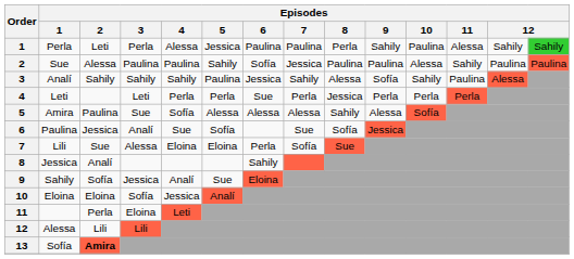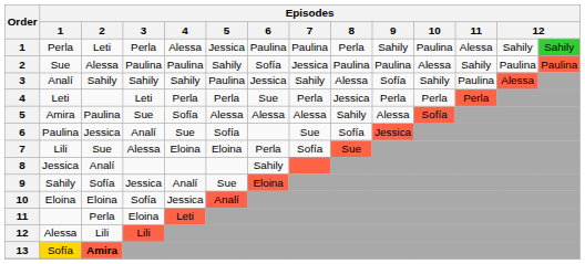 <table class="wikitable" style="text-align:center; font-size:92%">
 <tr>
 <th rowspan=2>Order</th>
 <th colspan=13>Episodes</th>
 </tr>
 <tr>
 <th>1</th>
 <th>2</th>
 <th>3</th>
 <th>4</th>
 <th>5</th>
 <th>6</th>
 <th>7</th>
 <th>8</th>
 <th>9</th>
 <th>10</th>
 <th>11</th>
 <th colspan=2>12</th>
 </tr>
 <tr>
 <th>1</th>
 <td>Perla</td>
 <td>Leti</td>
 <td>Perla</td>
 <td>Alessa</td>
 <td>Jessica</td>
 <td>Paulina</td>
 <td>Paulina</td>
 <td>Perla</td>
 <td>Sahily</td>
 <td>Paulina</td>
 <td>Alessa</td>
 <td>Sahily</td>
 <td bgcolor="limegreen">Sahily</td>
 </tr>
 <tr>
 <th>2</th>
 <td>Sue</td>
 <td>Alessa</td>
 <td>Paulina</td>
 <td>Paulina</td>
 <td>Sahily</td>
 <td>Sofía</td>
 <td>Jessica</td>
 <td>Paulina</td>
 <td>Paulina</td>
 <td>Alessa</td>
 <td>Sahily</td>
 <td>Paulina</td>
 <td bgcolor="tomato">Paulina</td>
 </tr>
 <tr>
 <th>3</th>
 <td>Analí</td>
 <td>Sahily</td>
 <td>Sahily</td>
 <td>Sahily</td>
 <td>Paulina</td>
 <td>Jessica</td>
 <td>Sahily</td>
 <td>Alessa</td>
 <td>Sofía</td>
 <td>Sahily</td>
 <td>Paulina</td>
 <td bgcolor="tomato">Alessa</td>
 <td bgcolor="darkgray" colspan="13"></td>
 </tr>
 <tr>
 <th>4</th>
 <td>Leti</td>
 <td></td>
 <td>Leti</td>
 <td>Perla</td>
 <td>Perla</td>
 <td>Sue</td>
 <td>Perla</td>
 <td>Jessica</td>
 <td>Perla</td>
 <td>Perla</td>
 <td bgcolor="tomato">Perla</td>
 <td bgcolor="darkgray" colspan="13"></td>
 </tr>
 <tr>
 <th>5</th>
 <td>Amira</td>
 <td>Paulina</td>
 <td>Sue</td>
 <td>Sofía</td>
 <td>Alessa</td>
 <td>Alessa</td>
 <td>Alessa</td>
 <td>Sahily</td>
 <td>Alessa</td>
 <td bgcolor="tomato">Sofía</td>
 <td bgcolor="darkgray" colspan="13"></td>
 </tr>
 <tr>
 <th>6</th>
 <td>Paulina</td>
 <td>Jessica</td>
 <td>Analí</td>
 <td>Sue</td>
 <td>Sofía</td>
 <td></td>
 <td>Sue</td>
 <td>Sofía</td>
 <td bgcolor="tomato">Jessica</td>
 <td bgcolor="darkgray" colspan="13"></td>
 </tr>
 <tr>
 <th>7</th>
 <td>Lili</td>
 <td>Sue</td>
 <td>Alessa</td>
 <td>Eloina</td>
 <td>Eloina</td>
 <td>Perla</td>
 <td>Sofía</td>
 <td bgcolor="tomato">Sue</td>
 <td bgcolor="darkgray" colspan="13"></td>
 </tr>
 <tr>
 <th>8</th>
 <td>Jessica</td>
 <td>Analí</td>
 <td></td>
 <td></td>
 <td></td>
 <td>Sahily</td>
 <td bgcolor="tomato"></td>
 <td bgcolor="darkgray" colspan="13"></td>
 </tr>
 <tr>
 <th>9</th>
 <td>Sahily</td>
 <td>Sofía</td>
 <td>Jessica</td>
 <td>Analí</td>
 <td>Sue</td>
 <td bgcolor="tomato">Eloina</td>
 <td bgcolor="darkgray" colspan="13"></td>
 </tr>
 <tr>
 <th>10</th>
 <td>Eloina</td>
 <td>Eloina</td>
 <td>Sofía</td>
 <td>Jessica</td>
 <td bgcolor="tomato">Analí</td>
 <td bgcolor="darkgray" colspan="13"></td>
 </tr>
 <tr>
 <th>11</th>
 <td></td>
 <td>Perla</td>
 <td>Eloina</td>
 <td bgcolor="tomato">Leti</td>
 <td bgcolor="darkgray" colspan="13"></td>
 </tr>
 <tr>
 <th>12</th>
 <td>Alessa</td>
 <td>Lili</td>
 <td bgcolor="tomato">Lili</td>
 <td bgcolor="darkgray" colspan="13"></td>
 </tr>
 <tr>
 <th>13</th>
-<td>Sofía</td>
+<td style="background: gold;">Sofía</td>
 <td bgcolor="tomato"><strong>Amira</strong></td>
 <td bgcolor="darkgray" colspan="13"></td>
 </tr>
 <tr>
 </tr>
 </table>
